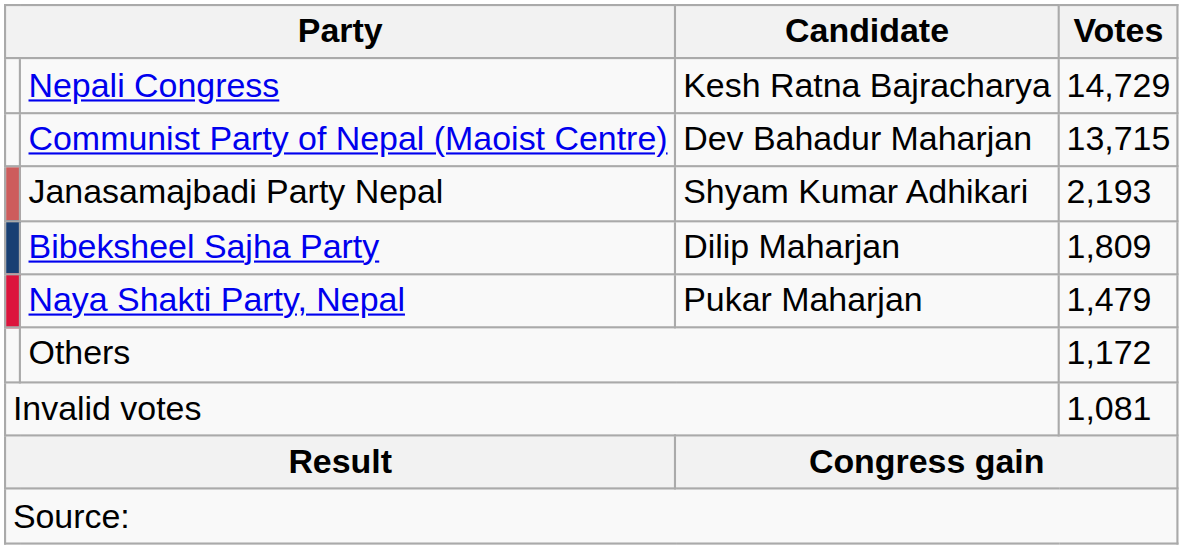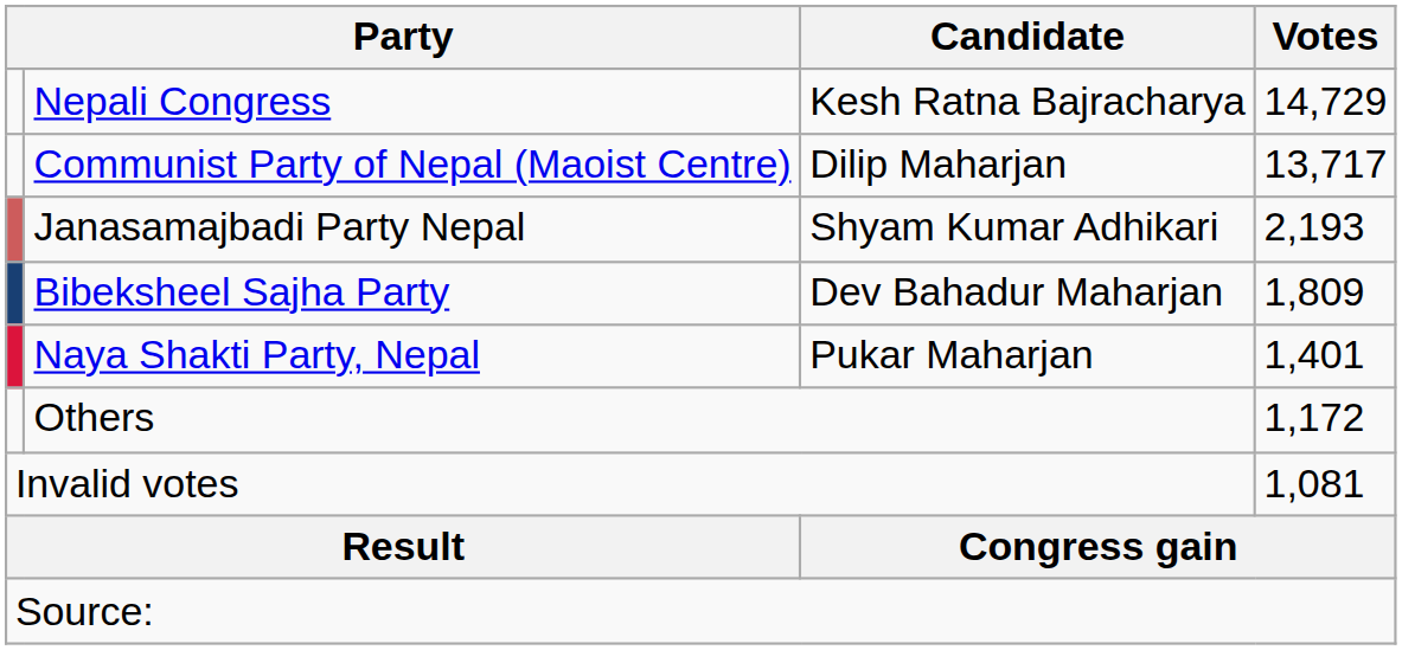 <table class="wikitable">
 <tr>
 <th colspan="2">Party</th>
 <th>Candidate</th>
 <th>Votes</th>
 </tr>
 <tr>
 <td style="background-color:"></td>
 <td><a href='#'>Nepali Congress</a></td>
 <td>Kesh Ratna Bajracharya</td>
 <td>14,729</td>
 </tr>
 <tr>
 <td style="background-color:"></td>
 <td><a href='#'>Communist Party of Nepal (Maoist Centre)</a></td>
-<td>Dev Bahadur Maharjan</td>
-<td>13,715</td>
+<td>Dilip Maharjan</td>
+<td>13,717</td>
 </tr>
 <tr>
 <td style="background-color:indianred"></td>
 <td>Janasamajbadi Party Nepal</td>
 <td>Shyam Kumar Adhikari</td>
 <td>2,193</td>
 </tr>
 <tr>
 <td style="background-color:#183F73"></td>
 <td><a href='#'>Bibeksheel Sajha Party</a></td>
-<td>Dilip Maharjan</td>
+<td>Dev Bahadur Maharjan</td>
 <td>1,809</td>
 </tr>
 <tr>
 <td style="background-color:crimson"></td>
 <td><a href='#'>Naya Shakti Party, Nepal</a></td>
 <td>Pukar Maharjan</td>
-<td>1,479</td>
+<td>1,401</td>
 </tr>
 <tr>
 <td></td>
 <td colspan="2">Others</td>
 <td>1,172</td>
 </tr>
 <tr>
 <td colspan="3">Invalid votes</td>
 <td>1,081</td>
 </tr>
 <tr>
 <th colspan="2">Result</th>
 <th colspan="2">Congress gain</th>
 </tr>
 <tr>
 <td colspan="4">Source: </td>
 </tr>
 </table>
